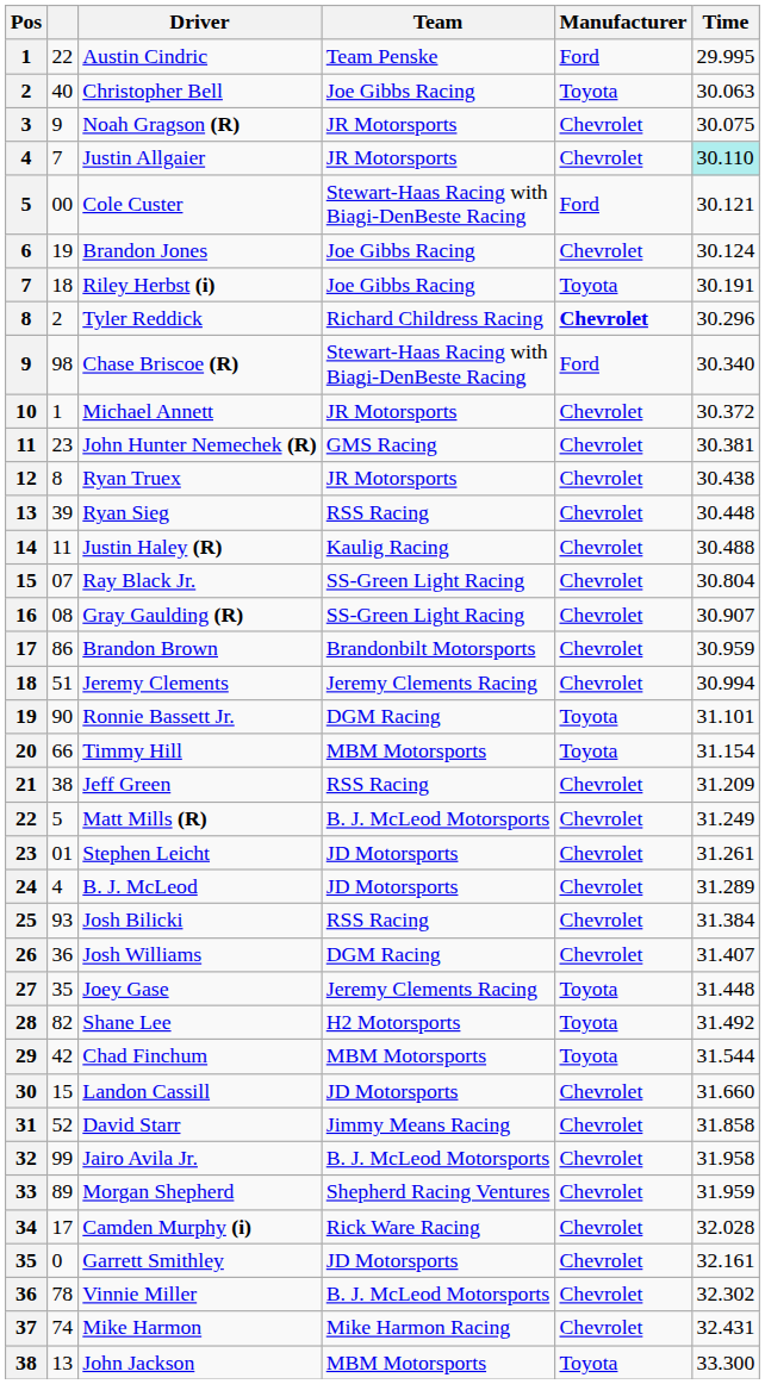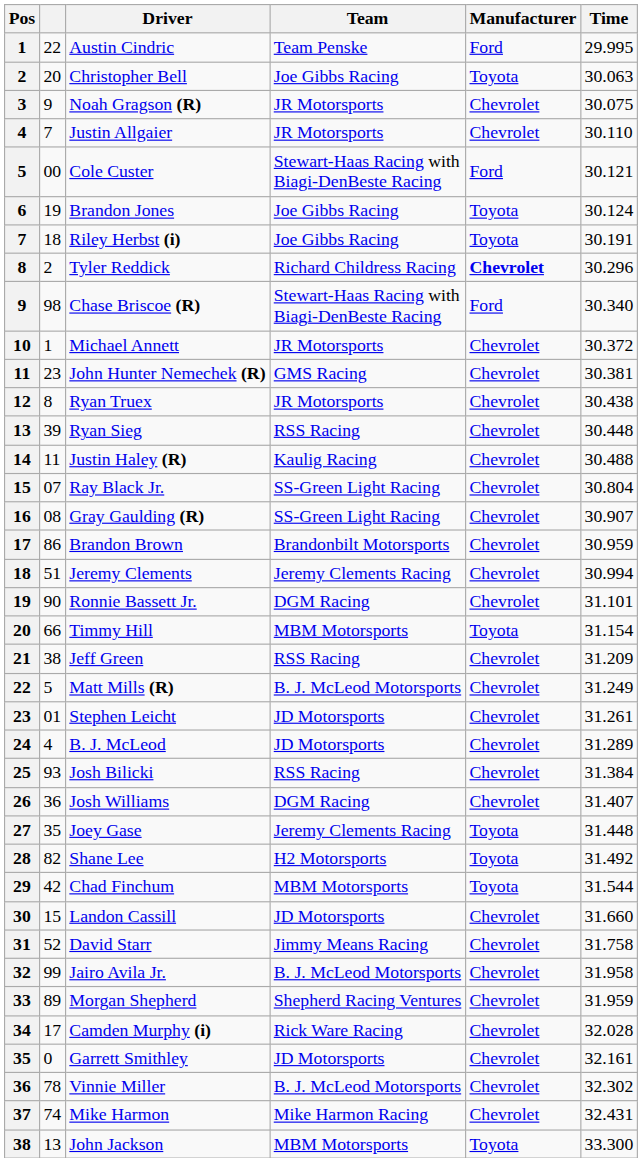 <table class="wikitable" style="font-size:98%">
 <tr>
 <th>Pos</th>
 <th></th>
 <th>Driver</th>
 <th>Team</th>
 <th>Manufacturer</th>
 <th>Time</th>
 </tr>
 <tr>
 <th>1</th>
 <td>22</td>
 <td><a href='#'>Austin Cindric</a></td>
 <td><a href='#'>Team Penske</a></td>
 <td><a href='#'>Ford</a></td>
 <td>29.995</td>
 </tr>
 <tr>
 <th>2</th>
-<td>40</td>
+<td>20</td>
 <td><a href='#'>Christopher Bell</a></td>
 <td><a href='#'>Joe Gibbs Racing</a></td>
 <td><a href='#'>Toyota</a></td>
 <td>30.063</td>
 </tr>
 <tr>
 <th>3</th>
 <td>9</td>
 <td><a href='#'>Noah Gragson</a> <strong>(R)</strong></td>
 <td><a href='#'>JR Motorsports</a></td>
 <td><a href='#'>Chevrolet</a></td>
 <td>30.075</td>
 </tr>
 <tr>
 <th>4</th>
 <td>7</td>
 <td><a href='#'>Justin Allgaier</a></td>
 <td><a href='#'>JR Motorsports</a></td>
 <td><a href='#'>Chevrolet</a></td>
-<td style="background: paleturquoise;">30.110</td>
+<td>30.110</td>
 </tr>
 <tr>
 <th>5</th>
 <td>00</td>
 <td><a href='#'>Cole Custer</a></td>
 <td><a href='#'>Stewart-Haas Racing</a> with <br> <a href='#'>Biagi-DenBeste Racing</a></td>
 <td><a href='#'>Ford</a></td>
 <td>30.121</td>
 </tr>
 <tr>
 <th>6</th>
 <td>19</td>
 <td><a href='#'>Brandon Jones</a></td>
 <td><a href='#'>Joe Gibbs Racing</a></td>
-<td><a href='#'>Chevrolet</a></td>
+<td><a href='#'>Toyota</a></td>
 <td>30.124</td>
 </tr>
 <tr>
 <th>7</th>
 <td>18</td>
 <td><a href='#'>Riley Herbst</a> <strong>(i)</strong></td>
 <td><a href='#'>Joe Gibbs Racing</a></td>
 <td><a href='#'>Toyota</a></td>
 <td>30.191</td>
 </tr>
 <tr>
 <th>8</th>
 <td>2</td>
 <td><a href='#'>Tyler Reddick</a></td>
 <td><a href='#'>Richard Childress Racing</a></td>
 <td><strong><a href='#'>Chevrolet</a></strong></td>
 <td>30.296</td>
 </tr>
 <tr>
 <th>9</th>
 <td>98</td>
 <td><a href='#'>Chase Briscoe</a> <strong>(R)</strong></td>
 <td><a href='#'>Stewart-Haas Racing</a> with <br> <a href='#'>Biagi-DenBeste Racing</a></td>
 <td><a href='#'>Ford</a></td>
 <td>30.340</td>
 </tr>
 <tr>
 <th>10</th>
 <td>1</td>
 <td><a href='#'>Michael Annett</a></td>
 <td><a href='#'>JR Motorsports</a></td>
 <td><a href='#'>Chevrolet</a></td>
 <td>30.372</td>
 </tr>
 <tr>
 <th>11</th>
 <td>23</td>
 <td><a href='#'>John Hunter Nemechek</a> <strong>(R)</strong></td>
 <td><a href='#'>GMS Racing</a></td>
 <td><a href='#'>Chevrolet</a></td>
 <td>30.381</td>
 </tr>
 <tr>
 <th>12</th>
 <td>8</td>
 <td><a href='#'>Ryan Truex</a></td>
 <td><a href='#'>JR Motorsports</a></td>
 <td><a href='#'>Chevrolet</a></td>
 <td>30.438</td>
 </tr>
 <tr>
 <th>13</th>
 <td>39</td>
 <td><a href='#'>Ryan Sieg</a></td>
 <td><a href='#'>RSS Racing</a></td>
 <td><a href='#'>Chevrolet</a></td>
 <td>30.448</td>
 </tr>
 <tr>
 <th>14</th>
 <td>11</td>
 <td><a href='#'>Justin Haley</a> <strong>(R)</strong></td>
 <td><a href='#'>Kaulig Racing</a></td>
 <td><a href='#'>Chevrolet</a></td>
 <td>30.488</td>
 </tr>
 <tr>
 <th>15</th>
 <td>07</td>
 <td><a href='#'>Ray Black Jr.</a></td>
 <td><a href='#'>SS-Green Light Racing</a></td>
 <td><a href='#'>Chevrolet</a></td>
 <td>30.804</td>
 </tr>
 <tr>
 <th>16</th>
 <td>08</td>
 <td><a href='#'>Gray Gaulding</a> <strong>(R)</strong></td>
 <td><a href='#'>SS-Green Light Racing</a></td>
 <td><a href='#'>Chevrolet</a></td>
 <td>30.907</td>
 </tr>
 <tr>
 <th>17</th>
 <td>86</td>
 <td><a href='#'>Brandon Brown</a></td>
 <td><a href='#'>Brandonbilt Motorsports</a></td>
 <td><a href='#'>Chevrolet</a></td>
 <td>30.959</td>
 </tr>
 <tr>
 <th>18</th>
 <td>51</td>
 <td><a href='#'>Jeremy Clements</a></td>
 <td><a href='#'>Jeremy Clements Racing</a></td>
 <td><a href='#'>Chevrolet</a></td>
 <td>30.994</td>
 </tr>
 <tr>
 <th>19</th>
 <td>90</td>
 <td><a href='#'>Ronnie Bassett Jr.</a></td>
 <td><a href='#'>DGM Racing</a></td>
-<td><a href='#'>Toyota</a></td>
+<td><a href='#'>Chevrolet</a></td>
 <td>31.101</td>
 </tr>
 <tr>
 <th>20</th>
 <td>66</td>
 <td><a href='#'>Timmy Hill</a></td>
 <td><a href='#'>MBM Motorsports</a></td>
 <td><a href='#'>Toyota</a></td>
 <td>31.154</td>
 </tr>
 <tr>
 <th>21</th>
 <td>38</td>
 <td><a href='#'>Jeff Green</a></td>
 <td><a href='#'>RSS Racing</a></td>
 <td><a href='#'>Chevrolet</a></td>
 <td>31.209</td>
 </tr>
 <tr>
 <th>22</th>
 <td>5</td>
 <td><a href='#'>Matt Mills</a> <strong>(R)</strong></td>
 <td><a href='#'>B. J. McLeod Motorsports</a></td>
 <td><a href='#'>Chevrolet</a></td>
 <td>31.249</td>
 </tr>
 <tr>
 <th>23</th>
 <td>01</td>
 <td><a href='#'>Stephen Leicht</a></td>
 <td><a href='#'>JD Motorsports</a></td>
 <td><a href='#'>Chevrolet</a></td>
 <td>31.261</td>
 </tr>
 <tr>
 <th>24</th>
 <td>4</td>
 <td><a href='#'>B. J. McLeod</a></td>
 <td><a href='#'>JD Motorsports</a></td>
 <td><a href='#'>Chevrolet</a></td>
 <td>31.289</td>
 </tr>
 <tr>
 <th>25</th>
 <td>93</td>
 <td><a href='#'>Josh Bilicki</a></td>
 <td><a href='#'>RSS Racing</a></td>
 <td><a href='#'>Chevrolet</a></td>
 <td>31.384</td>
 </tr>
 <tr>
 <th>26</th>
 <td>36</td>
 <td><a href='#'>Josh Williams</a></td>
 <td><a href='#'>DGM Racing</a></td>
 <td><a href='#'>Chevrolet</a></td>
 <td>31.407</td>
 </tr>
 <tr>
 <th>27</th>
 <td>35</td>
 <td><a href='#'>Joey Gase</a></td>
 <td><a href='#'>Jeremy Clements Racing</a></td>
 <td><a href='#'>Toyota</a></td>
 <td>31.448</td>
 </tr>
 <tr>
 <th>28</th>
 <td>82</td>
 <td><a href='#'>Shane Lee</a></td>
 <td><a href='#'>H2 Motorsports</a></td>
 <td><a href='#'>Toyota</a></td>
 <td>31.492</td>
 </tr>
 <tr>
 <th>29</th>
 <td>42</td>
 <td><a href='#'>Chad Finchum</a></td>
 <td><a href='#'>MBM Motorsports</a></td>
 <td><a href='#'>Toyota</a></td>
 <td>31.544</td>
 </tr>
 <tr>
 <th>30</th>
 <td>15</td>
 <td><a href='#'>Landon Cassill</a></td>
 <td><a href='#'>JD Motorsports</a></td>
 <td><a href='#'>Chevrolet</a></td>
 <td>31.660</td>
 </tr>
 <tr>
 <th>31</th>
 <td>52</td>
 <td><a href='#'>David Starr</a></td>
 <td><a href='#'>Jimmy Means Racing</a></td>
 <td><a href='#'>Chevrolet</a></td>
-<td>31.858</td>
+<td>31.758</td>
 </tr>
 <tr>
 <th>32</th>
 <td>99</td>
 <td><a href='#'>Jairo Avila Jr.</a></td>
 <td><a href='#'>B. J. McLeod Motorsports</a></td>
 <td><a href='#'>Chevrolet</a></td>
 <td>31.958</td>
 </tr>
 <tr>
 <th>33</th>
 <td>89</td>
 <td><a href='#'>Morgan Shepherd</a></td>
 <td><a href='#'>Shepherd Racing Ventures</a></td>
 <td><a href='#'>Chevrolet</a></td>
 <td>31.959</td>
 </tr>
 <tr>
 <th>34</th>
 <td>17</td>
 <td><a href='#'>Camden Murphy</a> <strong>(i)</strong></td>
 <td><a href='#'>Rick Ware Racing</a></td>
 <td><a href='#'>Chevrolet</a></td>
 <td>32.028</td>
 </tr>
 <tr>
 <th>35</th>
 <td>0</td>
 <td><a href='#'>Garrett Smithley</a></td>
 <td><a href='#'>JD Motorsports</a></td>
 <td><a href='#'>Chevrolet</a></td>
 <td>32.161</td>
 </tr>
 <tr>
 <th>36</th>
 <td>78</td>
 <td><a href='#'>Vinnie Miller</a></td>
 <td><a href='#'>B. J. McLeod Motorsports</a></td>
 <td><a href='#'>Chevrolet</a></td>
 <td>32.302</td>
 </tr>
 <tr>
 <th>37</th>
 <td>74</td>
 <td><a href='#'>Mike Harmon</a></td>
 <td><a href='#'>Mike Harmon Racing</a></td>
 <td><a href='#'>Chevrolet</a></td>
 <td>32.431</td>
 </tr>
 <tr>
 <th>38</th>
 <td>13</td>
 <td><a href='#'>John Jackson</a></td>
 <td><a href='#'>MBM Motorsports</a></td>
 <td><a href='#'>Toyota</a></td>
 <td>33.300</td>
 </tr>
 <tr>
 </tr>
 </table>
